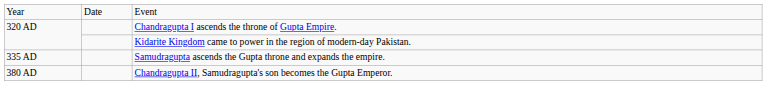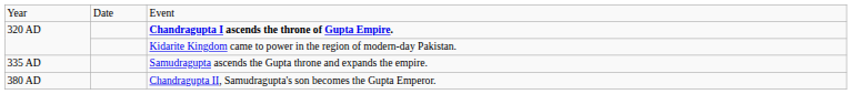 <table class="wikitable" style="width:100%">
 <tr>
 <td>Year</td>
 <td>Date</td>
 <td>Event</td>
 </tr>
 <tr>
 <td rowspan="2" style="vertical-align:top;">320 AD</td>
 <td></td>
-<td><a href='#'>Chandragupta I</a> ascends the throne of <a href='#'>Gupta Empire</a>.</td>
+<td><strong><a href='#'>Chandragupta I</a> ascends the throne of <a href='#'>Gupta Empire</a>.</strong></td>
 </tr>
 <tr>
 <td></td>
 <td><a href='#'>Kidarite Kingdom</a> came to power in the region of modern-day Pakistan.</td>
 </tr>
 <tr>
 <td>335 AD</td>
 <td></td>
 <td><a href='#'>Samudragupta</a> ascends the Gupta throne and expands the empire.</td>
 </tr>
 <tr>
 <td>380 AD</td>
 <td></td>
 <td><a href='#'>Chandragupta II</a>, Samudragupta's son becomes the Gupta Emperor.</td>
 </tr>
 </table>
